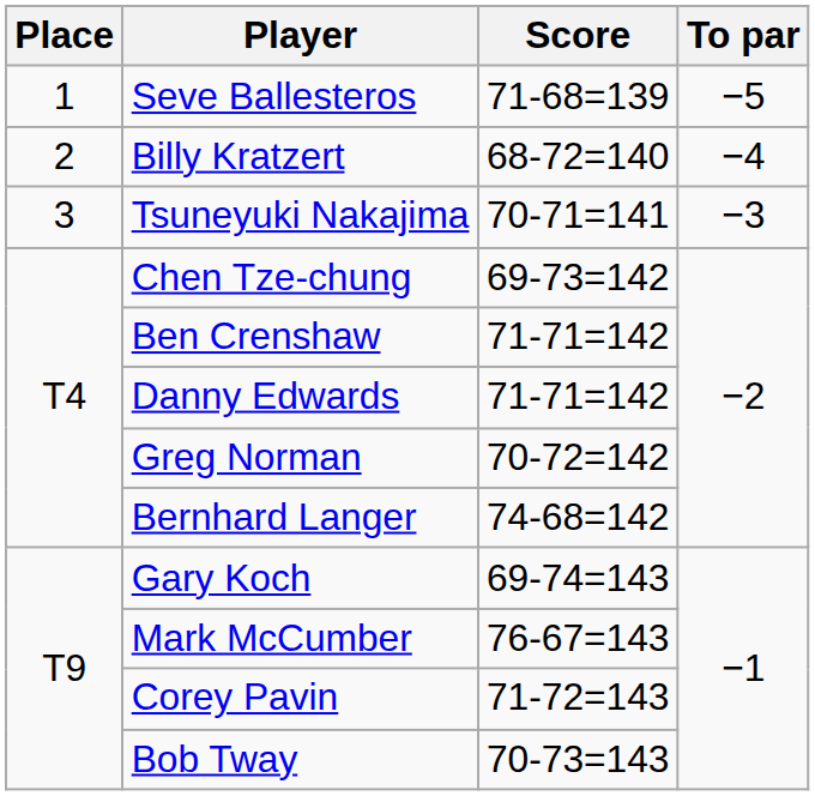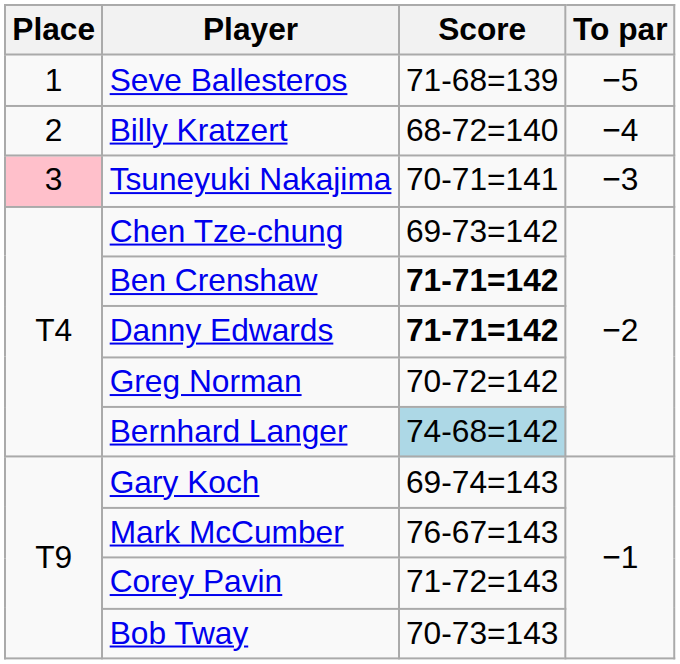 <table class="wikitable">
 <tr>
 <th>Place</th>
 <th>Player</th>
 <th>Score</th>
 <th>To par</th>
 </tr>
 <tr>
 <td rowspan="1" style="text-align:center;">1</td>
 <td> <a href='#'>Seve Ballesteros</a></td>
 <td rowspan="1" style="text-align:center;">71-68=139</td>
 <td rowspan="1" style="text-align:center;">−5</td>
 </tr>
 <tr>
 <td rowspan="1" style="text-align:center;">2</td>
 <td> <a href='#'>Billy Kratzert</a></td>
 <td rowspan="1" style="text-align:center;">68-72=140</td>
 <td rowspan="1" style="text-align:center;">−4</td>
 </tr>
 <tr>
-<td rowspan="1" style="text-align:center;">3</td>
+<td rowspan="1" style="background: pink; text-align:center;">3</td>
 <td> <a href='#'>Tsuneyuki Nakajima</a></td>
 <td rowspan="1" style="text-align:center;">70-71=141</td>
 <td rowspan="1" style="text-align:center;">−3</td>
 </tr>
 <tr>
 <td rowspan="5" style="text-align:center;">T4</td>
 <td> <a href='#'>Chen Tze-chung</a></td>
 <td rowspan="1" style="text-align:center;">69-73=142</td>
 <td rowspan="5" style="text-align:center;">−2</td>
 </tr>
 <tr>
 <td> <a href='#'>Ben Crenshaw</a></td>
-<td>71-71=142</td>
+<td><strong>71-71=142</strong></td>
 </tr>
 <tr>
 <td> <a href='#'>Danny Edwards</a></td>
-<td>71-71=142</td>
+<td><strong>71-71=142</strong></td>
 </tr>
 <tr>
 <td> <a href='#'>Greg Norman</a></td>
 <td>70-72=142</td>
 </tr>
 <tr>
 <td> <a href='#'>Bernhard Langer</a></td>
-<td>74-68=142</td>
+<td style="background: lightblue;">74-68=142</td>
 </tr>
 <tr>
 <td rowspan="4" style="text-align:center;">T9</td>
 <td> <a href='#'>Gary Koch</a></td>
 <td rowspan="1" style="text-align:center;">69-74=143</td>
 <td rowspan="4" style="text-align:center;">−1</td>
 </tr>
 <tr>
 <td> <a href='#'>Mark McCumber</a></td>
 <td>76-67=143</td>
 </tr>
 <tr>
 <td> <a href='#'>Corey Pavin</a></td>
 <td>71-72=143</td>
 </tr>
 <tr>
 <td> <a href='#'>Bob Tway</a></td>
 <td>70-73=143</td>
 </tr>
 </table>
